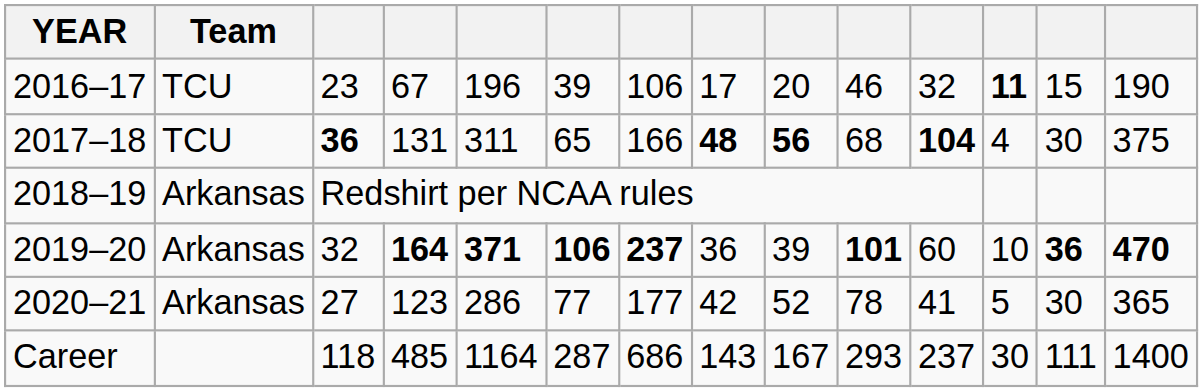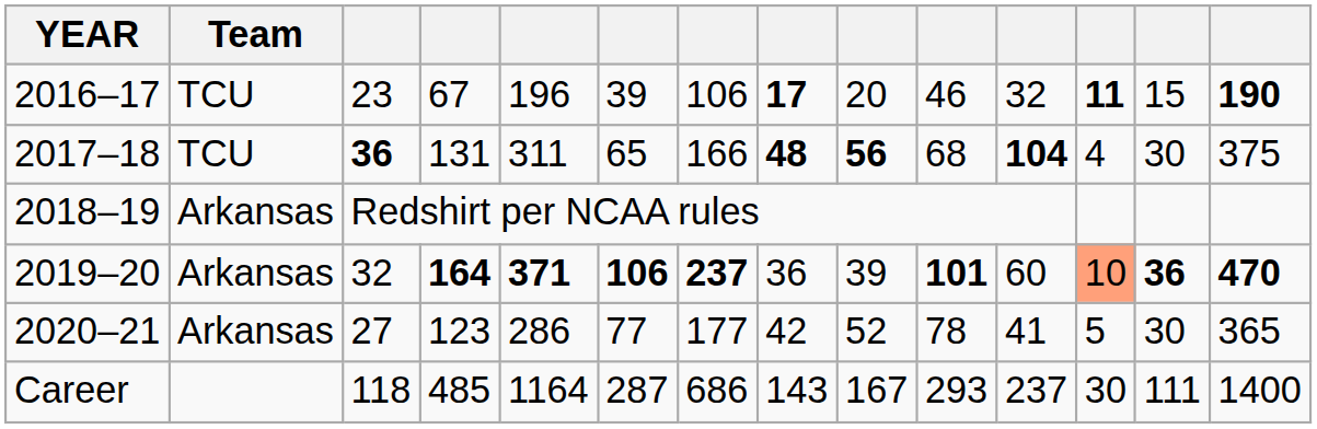 <table class="wikitable">
 <tr>
 <th>YEAR</th>
 <th>Team</th>
 <th scope="col"></th>
 <th scope="col"></th>
 <th scope="col"></th>
 <th scope="col"></th>
 <th scope="col"></th>
 <th scope="col"></th>
 <th scope="col"></th>
 <th scope="col"></th>
 <th scope="col"></th>
 <th scope="col"></th>
 <th scope="col"></th>
 <th scope="col"></th>
 </tr>
 <tr>
 <td>2016–17</td>
 <td>TCU</td>
 <td>23</td>
 <td>67</td>
 <td>196</td>
 <td>39</td>
 <td>106</td>
-<td>17</td>
+<td><strong>17</strong></td>
 <td>20</td>
 <td>46</td>
 <td>32</td>
 <td><strong>11</strong></td>
 <td>15</td>
-<td>190</td>
+<td><strong>190</strong></td>
 </tr>
 <tr>
 <td>2017–18</td>
 <td>TCU</td>
 <td><strong>36</strong></td>
 <td>131</td>
 <td>311</td>
 <td>65</td>
 <td>166</td>
 <td><strong>48</strong></td>
 <td><strong>56</strong></td>
 <td>68</td>
 <td><strong>104</strong></td>
 <td>4</td>
 <td>30</td>
 <td>375</td>
 </tr>
 <tr>
 <td>2018–19</td>
 <td>Arkansas</td>
 <td colspan="9">Redshirt per NCAA rules</td>
 <td></td>
 <td></td>
 <td></td>
 </tr>
 <tr>
 <td>2019–20</td>
 <td>Arkansas</td>
 <td>32</td>
 <td><strong>164</strong></td>
 <td><strong>371</strong></td>
 <td><strong>106</strong></td>
 <td><strong>237</strong></td>
 <td>36</td>
 <td>39</td>
 <td><strong>101</strong></td>
 <td>60</td>
-<td>10</td>
+<td style="background: lightsalmon;">10</td>
 <td><strong>36</strong></td>
 <td><strong>470</strong></td>
 </tr>
 <tr>
 <td>2020–21</td>
 <td>Arkansas</td>
 <td>27</td>
 <td>123</td>
 <td>286</td>
 <td>77</td>
 <td>177</td>
 <td>42</td>
 <td>52</td>
 <td>78</td>
 <td>41</td>
 <td>5</td>
 <td>30</td>
 <td>365</td>
 </tr>
 <tr>
 <td>Career</td>
 <td></td>
 <td>118</td>
 <td>485</td>
 <td>1164</td>
 <td>287</td>
 <td>686</td>
 <td>143</td>
 <td>167</td>
 <td>293</td>
 <td>237</td>
 <td>30</td>
 <td>111</td>
 <td>1400</td>
 </tr>
 </table>
